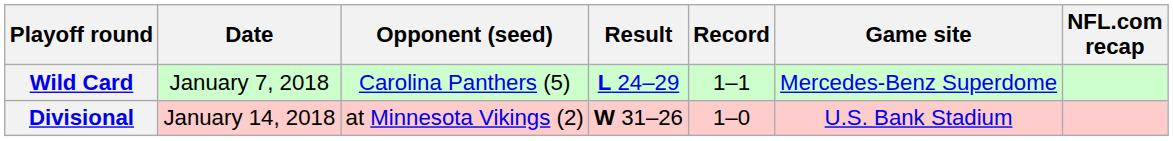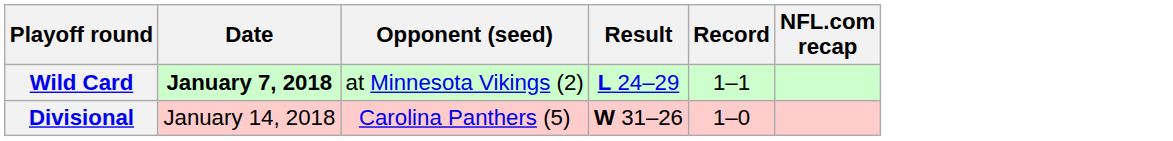 <table class="wikitable" style="text-align:center">
 <tr>
 <th>Playoff round</th>
 <th>Date</th>
 <th>Opponent (seed)</th>
 <th>Result</th>
 <th>Record</th>
-<th>Game site</th>
 <th>NFL.com<br>recap</th>
 </tr>
 <tr style="background:#cfc">
 <th><a href='#'>Wild Card</a></th>
-<td>January 7, 2018</td>
-<td><a href='#'>Carolina Panthers</a> (5)</td>
+<td><strong>January 7, 2018</strong></td>
+<td>at <a href='#'>Minnesota Vikings</a> (2)</td>
 <td><a href='#'><strong>L</strong> 24–29</a></td>
 <td>1–1</td>
-<td><a href='#'>Mercedes-Benz Superdome</a></td>
 <td></td>
 </tr>
 <tr style="background:#fcc">
 <th><a href='#'>Divisional</a></th>
 <td>January 14, 2018</td>
-<td>at <a href='#'>Minnesota Vikings</a> (2)</td>
+<td><a href='#'>Carolina Panthers</a> (5)</td>
 <td><strong>W</strong> 31–26</td>
 <td>1–0</td>
-<td><a href='#'>U.S. Bank Stadium</a></td>
 <td></td>
 </tr>
 </table>
